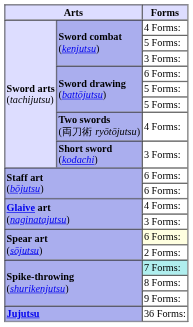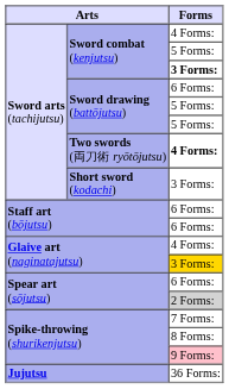 <table border="1" cellpadding="2" cellspacing="0">
 <tr>
 <th colspan = "2" style = "background:#ddf;"><strong>Arts</strong></th>
 <th style = "background:#ddf;"><strong>Forms</strong></th>
 </tr>
 <tr>
 <td rowspan = "8" style = "background:#ddf;"><strong>Sword arts</strong><br>(<em>tachijutsu</em>)</td>
 <td rowspan = "3" style = "background:#AAAEEE"><strong>Sword combat</strong><br>(<em><a href='#'>kenjutsu</a></em>)</td>
 <td>4 Forms: </td>
 </tr>
 <tr>
 <td>5 Forms: </td>
 </tr>
 <tr>
-<td>3 Forms: </td>
+<td><strong>3 Forms: </strong></td>
 </tr>
 <tr>
 <td rowspan = "3" style = "background:#AAAEEE"><strong>Sword drawing</strong><br>(<em><a href='#'>battōjutsu</a></em>)</td>
 <td>6 Forms: </td>
 </tr>
 <tr>
 <td>5 Forms: </td>
 </tr>
 <tr>
 <td>5 Forms: </td>
 </tr>
 <tr>
 <td style = "background:#AAAEEE"><strong>Two swords</strong><br>(両刀術 <em>ryōtōjutsu</em>)</td>
-<td>4 Forms: </td>
+<td><strong>4 Forms: </strong></td>
 </tr>
 <tr>
 <td style = "background:#AAAEEE"><strong>Short sword</strong><br>(<em><a href='#'>kodachi</a></em>)</td>
 <td>3 Forms: </td>
 </tr>
 <tr>
 <td rowspan = "2" colspan = "2" style = "background:#AAAEEE"><strong>Staff art</strong><br>(<em><a href='#'>bōjutsu</a></em>)</td>
 <td>6 Forms: </td>
 </tr>
 <tr>
 <td>6 Forms: </td>
 </tr>
 <tr>
 <td rowspan = "2" colspan = "2" style = "background:#AAAEEE"><strong><a href='#'>Glaive</a> art</strong><br>(<em><a href='#'>naginatajutsu</a></em>)</td>
 <td>4 Forms: </td>
 </tr>
 <tr>
-<td>3 Forms: </td>
+<td style="background: gold;">3 Forms: </td>
 </tr>
 <tr>
 <td rowspan = "2" colspan = "2" style = "background:#AAAEEE"><strong>Spear art</strong><br>(<em><a href='#'>sōjutsu</a></em>)</td>
-<td style="background: lightyellow;">6 Forms: </td>
+<td>6 Forms: </td>
 </tr>
 <tr>
-<td>2 Forms: </td>
+<td style="background: lightgrey;">2 Forms: </td>
 </tr>
 <tr>
 <td rowspan = "3" colspan = "2" style = "background:#AAAEEE"><strong>Spike-throwing</strong><br>(<em><a href='#'>shurikenjutsu</a></em>)</td>
-<td style="background: paleturquoise;">7 Forms: </td>
+<td>7 Forms: </td>
 </tr>
 <tr>
 <td>8 Forms: </td>
 </tr>
 <tr>
-<td>9 Forms: </td>
+<td style="background: pink;">9 Forms: </td>
 </tr>
 <tr>
 <td colspan = "2" style = "background:#AAAEEE"><strong><a href='#'>Jujutsu</a></strong></td>
 <td>36 Forms: </td>
 </tr>
 </table>
